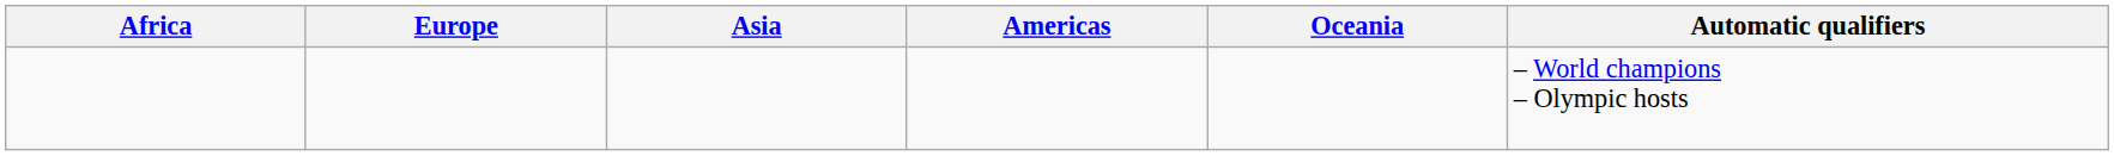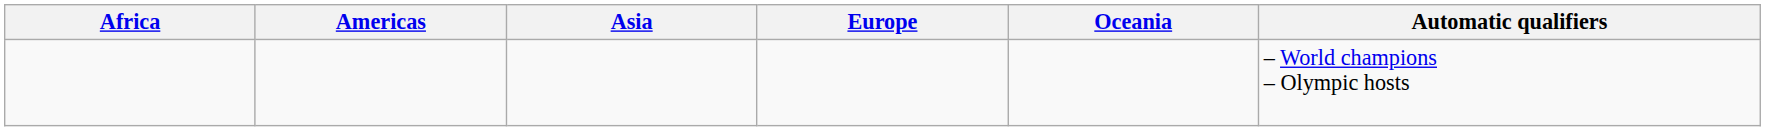 <table class=wikitable width=100% valign=top>
 <tr>
 <th width=13%><a href='#'>Africa</a></th>
+<th width=13%><a href='#'>Americas</a></th>
+<th width=13%><a href='#'>Asia</a></th>
 <th width=13%><a href='#'>Europe</a></th>
-<th width=13%><a href='#'>Asia</a></th>
-<th width=13%><a href='#'>Americas</a></th>
 <th width=13%><a href='#'>Oceania</a></th>
 <th width=26%>Automatic qualifiers</th>
 </tr>
 <tr valign=top>
 <td></td>
+<td><br><br></td>
+<td></td>
 <td> <br>  <br>  <br> </td>
-<td></td>
-<td><br><br></td>
 <td></td>
 <td> – <a href='#'>World champions</a><br> – Olympic hosts</td>
 </tr>
 </table>
